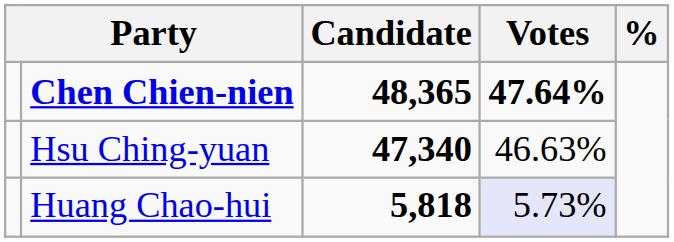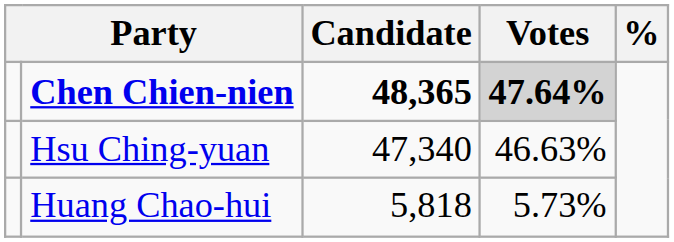 <table class="wikitable">
 <tr>
 <th colspan="2">Party</th>
 <th>Candidate</th>
 <th>Votes</th>
 <th>%</th>
 </tr>
 <tr>
 <td></td>
 <td><strong><a href='#'>Chen Chien-nien</a></strong></td>
 <td align="right"><strong>48,365</strong></td>
-<td align="right"><strong>47.64%</strong></td>
+<td align="right" style="background: lightgrey;"><strong>47.64%</strong></td>
 </tr>
 <tr>
 <td></td>
 <td><a href='#'>Hsu Ching-yuan</a></td>
-<td align="right"><strong>47,340</strong></td>
+<td align="right">47,340</td>
 <td align="right">46.63%</td>
 </tr>
 <tr>
 <td></td>
 <td><a href='#'>Huang Chao-hui</a></td>
-<td align="right"><strong>5,818</strong></td>
-<td align="right" style="background: lavender;">5.73%</td>
+<td align="right">5,818</td>
+<td align="right">5.73%</td>
 </tr>
 </table>
